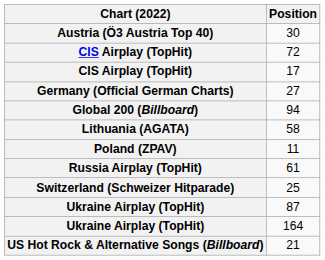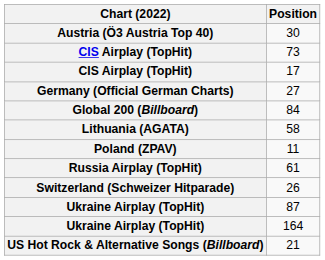 <table class="wikitable sortable plainrowheaders" style="text-align:center">
 <tr>
 <th scope="col">Chart (2022)</th>
 <th scope="col">Position</th>
 </tr>
 <tr>
 <th scope="row">Austria (Ö3 Austria Top 40)</th>
 <td>30</td>
 </tr>
 <tr>
 <th scope="row"><a href='#'>CIS</a> Airplay (TopHit)</th>
-<td>72</td>
+<td>73</td>
 </tr>
 <tr>
 <th scope="row">CIS Airplay (TopHit)<br></th>
 <td>17</td>
 </tr>
 <tr>
 <th scope="row">Germany (Official German Charts)</th>
 <td>27</td>
 </tr>
 <tr>
 <th scope="row">Global 200 (<em>Billboard</em>)</th>
-<td>94</td>
+<td>84</td>
 </tr>
 <tr>
 <th scope="row">Lithuania (AGATA)</th>
 <td>58</td>
 </tr>
 <tr>
 <th scope="row">Poland (ZPAV)</th>
 <td>11</td>
 </tr>
 <tr>
 <th scope="row">Russia Airplay (TopHit)<br></th>
 <td>61</td>
 </tr>
 <tr>
 <th scope="row">Switzerland (Schweizer Hitparade)</th>
-<td>25</td>
+<td>26</td>
 </tr>
 <tr>
 <th scope="row">Ukraine Airplay (TopHit)</th>
 <td>87</td>
 </tr>
 <tr>
 <th scope="row">Ukraine Airplay (TopHit)<br></th>
 <td>164</td>
 </tr>
 <tr>
 <th scope="row">US Hot Rock & Alternative Songs (<em>Billboard</em>)</th>
 <td>21</td>
 </tr>
 </table>
